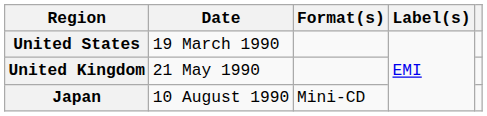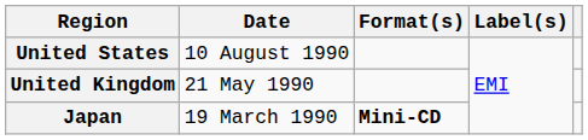 <table class="wikitable plainrowheaders">
 <tr>
 <th scope="col">Region</th>
 <th scope="col">Date</th>
 <th scope="col">Format(s)</th>
 <th scope="col">Label(s)</th>
 <th scope="col"></th>
 </tr>
 <tr>
 <th scope="row">United States</th>
-<td>19 March 1990</td>
+<td>10 August 1990</td>
 <td></td>
 <td rowspan="3"><a href='#'>EMI</a></td>
 <td></td>
 </tr>
 <tr>
 <th scope="row">United Kingdom</th>
 <td>21 May 1990</td>
 <td></td>
 <td></td>
 </tr>
 <tr>
 <th scope="row">Japan</th>
-<td>10 August 1990</td>
-<td>Mini-CD</td>
+<td>19 March 1990</td>
+<td><strong>Mini-CD</strong></td>
 <td></td>
 </tr>
 </table>
